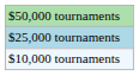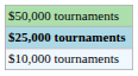 <table class="wikitable" style="font-size:85%;" width=15%>
 <tr bgcolor="#ADDFAD">
 <td>$50,000 tournaments</td>
 </tr>
 <tr bgcolor="lightblue">
-<td>$25,000 tournaments</td>
+<td><strong>$25,000 tournaments</strong></td>
 </tr>
 <tr bgcolor="#f0f8ff">
 <td>$10,000 tournaments</td>
 </tr>
 </table>
